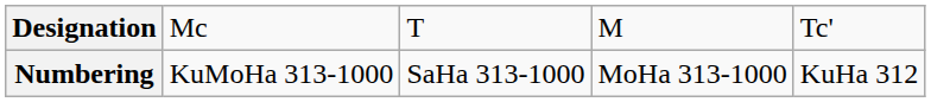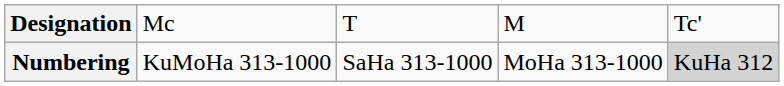 <table class="wikitable">
 <tr>
 <th>Designation</th>
 <td>Mc</td>
 <td>T</td>
 <td>M</td>
 <td>Tc'</td>
 </tr>
 <tr>
 <th>Numbering</th>
 <td>KuMoHa 313-1000</td>
 <td>SaHa 313-1000</td>
 <td>MoHa 313-1000</td>
-<td>KuHa 312</td>
+<td style="background: lightgrey;">KuHa 312</td>
 </tr>
 </table>
